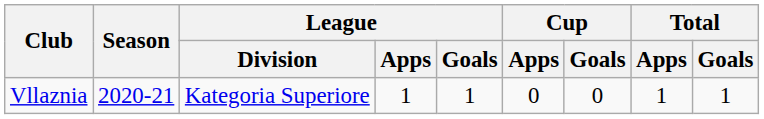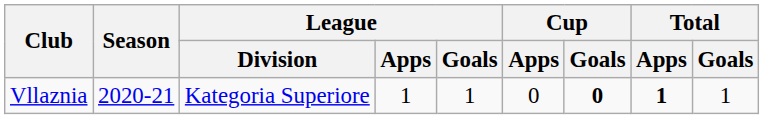 <table class="wikitable" style="text-align:center;">
 <tr>
 <th rowspan="2">Club</th>
 <th rowspan="2">Season</th>
 <th colspan="3">League</th>
 <th colspan="2">Cup</th>
 <th colspan="2">Total</th>
 </tr>
 <tr>
 <th>Division</th>
 <th>Apps</th>
 <th>Goals</th>
 <th>Apps</th>
 <th>Goals</th>
 <th>Apps</th>
 <th>Goals</th>
 </tr>
 <tr>
 <td><a href='#'>Vllaznia</a></td>
 <td><a href='#'>2020-21</a></td>
 <td><a href='#'>Kategoria Superiore</a></td>
 <td>1</td>
 <td>1</td>
 <td>0</td>
-<td>0</td>
-<td>1</td>
+<td><strong>0</strong></td>
+<td><strong>1</strong></td>
 <td>1</td>
 </tr>
 </table>
